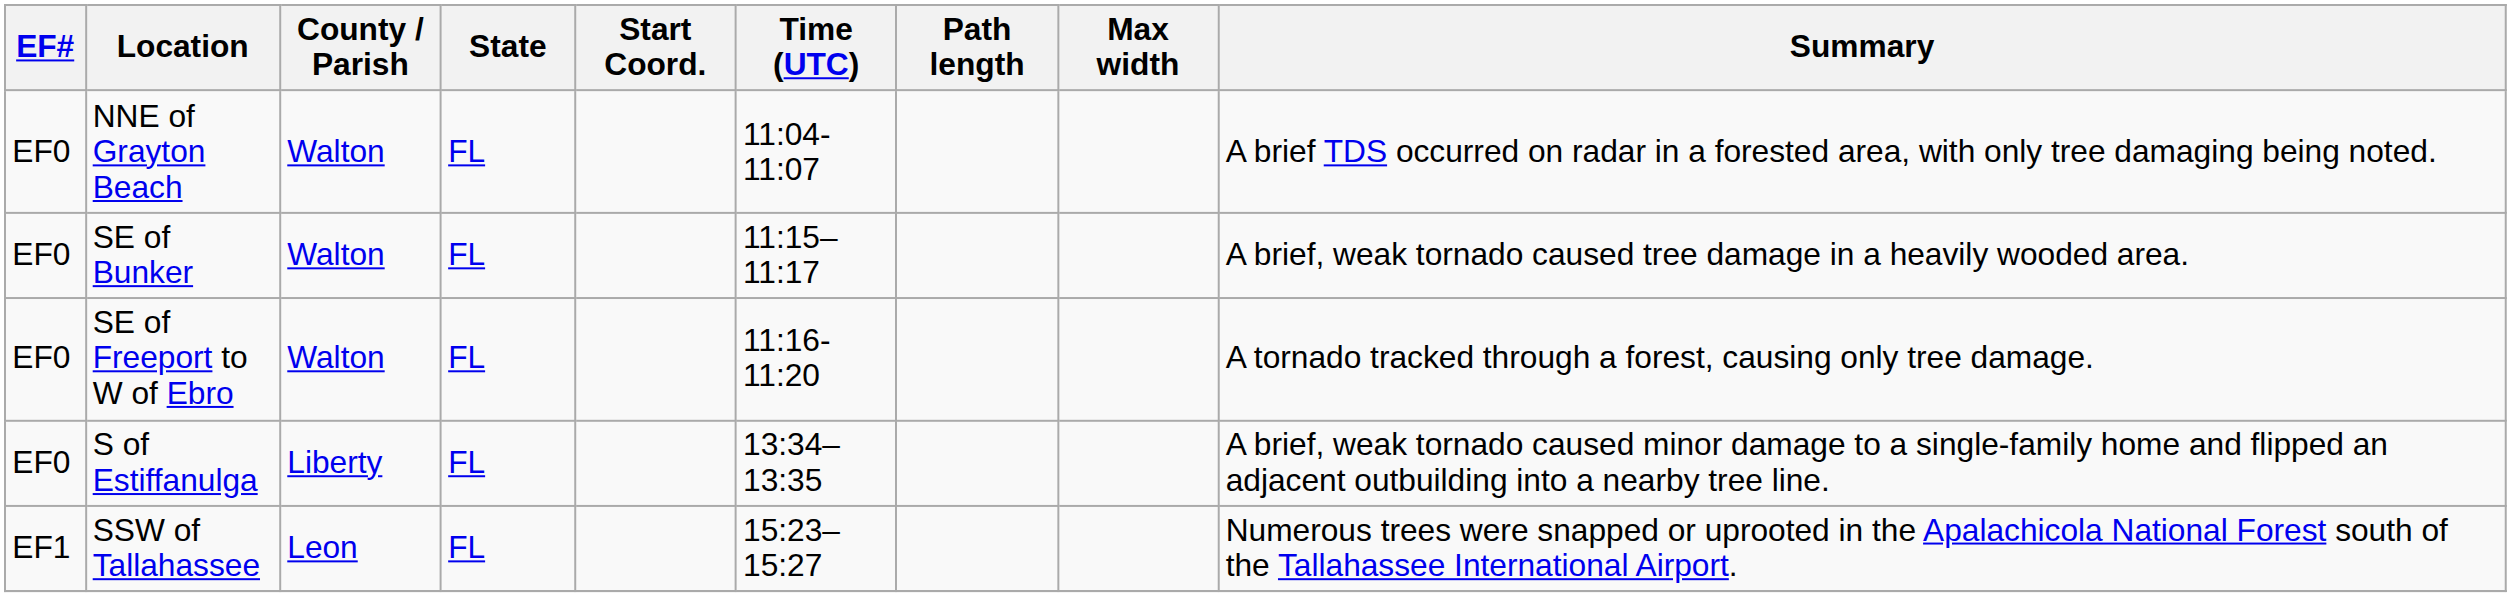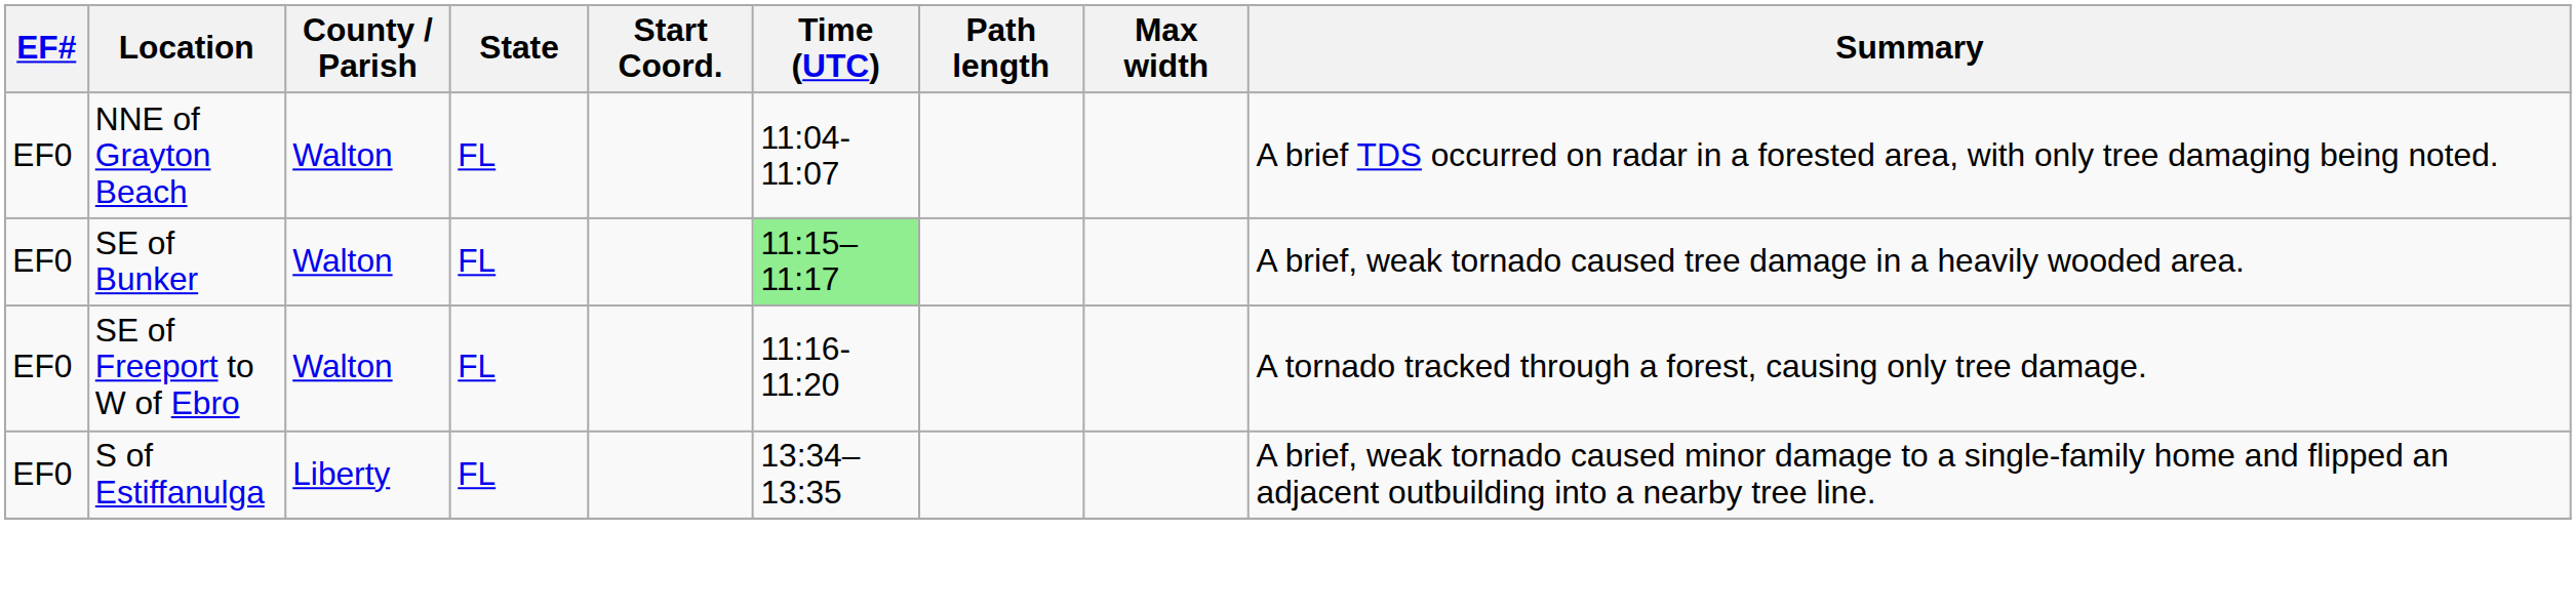 <table class="wikitable sortable" style="width:100%;">
 <tr>
 <th scope="col"  style="width:3%; text-align:center;"><a href='#'>EF#</a></th>
 <th scope="col"  style="width:7%; text-align:center;" class="unsortable">Location</th>
 <th scope="col"  style="width:6%; text-align:center;" class="unsortable">County / Parish</th>
 <th scope="col"  style="width:5%; text-align:center;">State</th>
 <th scope="col"  style="width:6%; text-align:center;">Start Coord.</th>
 <th scope="col"  style="width:6%; text-align:center;">Time (<a href='#'>UTC</a>)</th>
 <th scope="col"  style="width:6%; text-align:center;">Path length</th>
 <th scope="col"  style="width:6%; text-align:center;">Max width</th>
 <th scope="col" class="unsortable" style="width:48%; text-align:center;">Summary</th>
 </tr>
 <tr>
 <td>EF0</td>
 <td>NNE of <a href='#'>Grayton Beach</a></td>
 <td><a href='#'>Walton</a></td>
 <td><a href='#'>FL</a></td>
 <td></td>
 <td>11:04-11:07</td>
 <td></td>
 <td></td>
 <td>A brief <a href='#'>TDS</a> occurred on radar in a forested area, with only tree damaging being noted.</td>
 </tr>
 <tr>
 <td>EF0</td>
 <td>SE of <a href='#'>Bunker</a></td>
 <td><a href='#'>Walton</a></td>
 <td><a href='#'>FL</a></td>
 <td></td>
-<td>11:15–11:17</td>
+<td style="background: lightgreen;">11:15–11:17</td>
 <td></td>
 <td></td>
 <td>A brief, weak tornado caused tree damage in a heavily wooded area.</td>
 </tr>
 <tr>
 <td>EF0</td>
 <td>SE of <a href='#'>Freeport</a> to W of <a href='#'>Ebro</a></td>
 <td><a href='#'>Walton</a></td>
 <td><a href='#'>FL</a></td>
 <td></td>
 <td>11:16-11:20</td>
 <td></td>
 <td></td>
 <td>A tornado tracked through a forest, causing only tree damage.</td>
 </tr>
 <tr>
 <td>EF0</td>
 <td>S of <a href='#'>Estiffanulga</a></td>
 <td><a href='#'>Liberty</a></td>
 <td><a href='#'>FL</a></td>
 <td></td>
 <td>13:34–13:35</td>
 <td></td>
 <td></td>
 <td>A brief, weak tornado caused minor damage to a single-family home and flipped an adjacent outbuilding into a nearby tree line.</td>
 </tr>
 <tr>
-<td>EF1</td>
-<td>SSW of <a href='#'>Tallahassee</a></td>
-<td><a href='#'>Leon</a></td>
-<td><a href='#'>FL</a></td>
-<td></td>
-<td>15:23–15:27</td>
-<td></td>
-<td></td>
-<td>Numerous trees were snapped or uprooted in the <a href='#'>Apalachicola National Forest</a> south of the <a href='#'>Tallahassee International Airport</a>.</td>
-</tr>
-<tr>
 </tr>
 </table>
